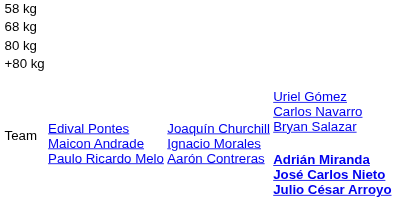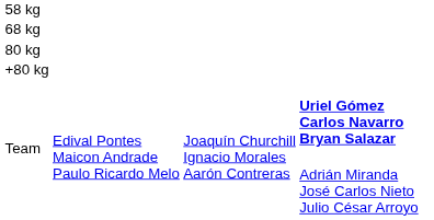 <table>
 <tr>
 <td rowspan=2>58 kg<br></td>
 <td rowspan=2></td>
 <td rowspan=2></td>
 <td></td>
 </tr>
 <tr>
 <td></td>
 </tr>
 <tr>
 <td rowspan=2>68 kg<br></td>
 <td rowspan=2></td>
 <td rowspan=2></td>
 <td></td>
 </tr>
 <tr>
 <td></td>
 </tr>
 <tr>
 <td rowspan=2>80 kg<br></td>
 <td rowspan=2></td>
 <td rowspan=2></td>
 <td></td>
 </tr>
 <tr>
 <td></td>
 </tr>
 <tr>
 <td rowspan=2>+80 kg<br></td>
 <td rowspan=2></td>
 <td rowspan=2></td>
 <td></td>
 </tr>
 <tr>
 <td></td>
 </tr>
 <tr>
 <td rowspan=2>Team<br></td>
 <td rowspan=2><br><a href='#'>Edival Pontes</a><br><a href='#'>Maicon Andrade</a><br><a href='#'>Paulo Ricardo Melo</a></td>
 <td rowspan=2><br><a href='#'>Joaquín Churchill</a><br><a href='#'>Ignacio Morales</a><br><a href='#'>Aarón Contreras</a></td>
-<td><br><a href='#'>Uriel Gómez</a><br><a href='#'>Carlos Navarro</a><br><a href='#'>Bryan Salazar</a></td>
+<td><strong><br><a href='#'>Uriel Gómez</a><br><a href='#'>Carlos Navarro</a><br><a href='#'>Bryan Salazar</a></strong></td>
 </tr>
 <tr>
-<td><strong><br><a href='#'>Adrián Miranda</a><br><a href='#'>José Carlos Nieto</a><br><a href='#'>Julio César Arroyo</a></strong></td>
+<td><br><a href='#'>Adrián Miranda</a><br><a href='#'>José Carlos Nieto</a><br><a href='#'>Julio César Arroyo</a></td>
 </tr>
 </table>
